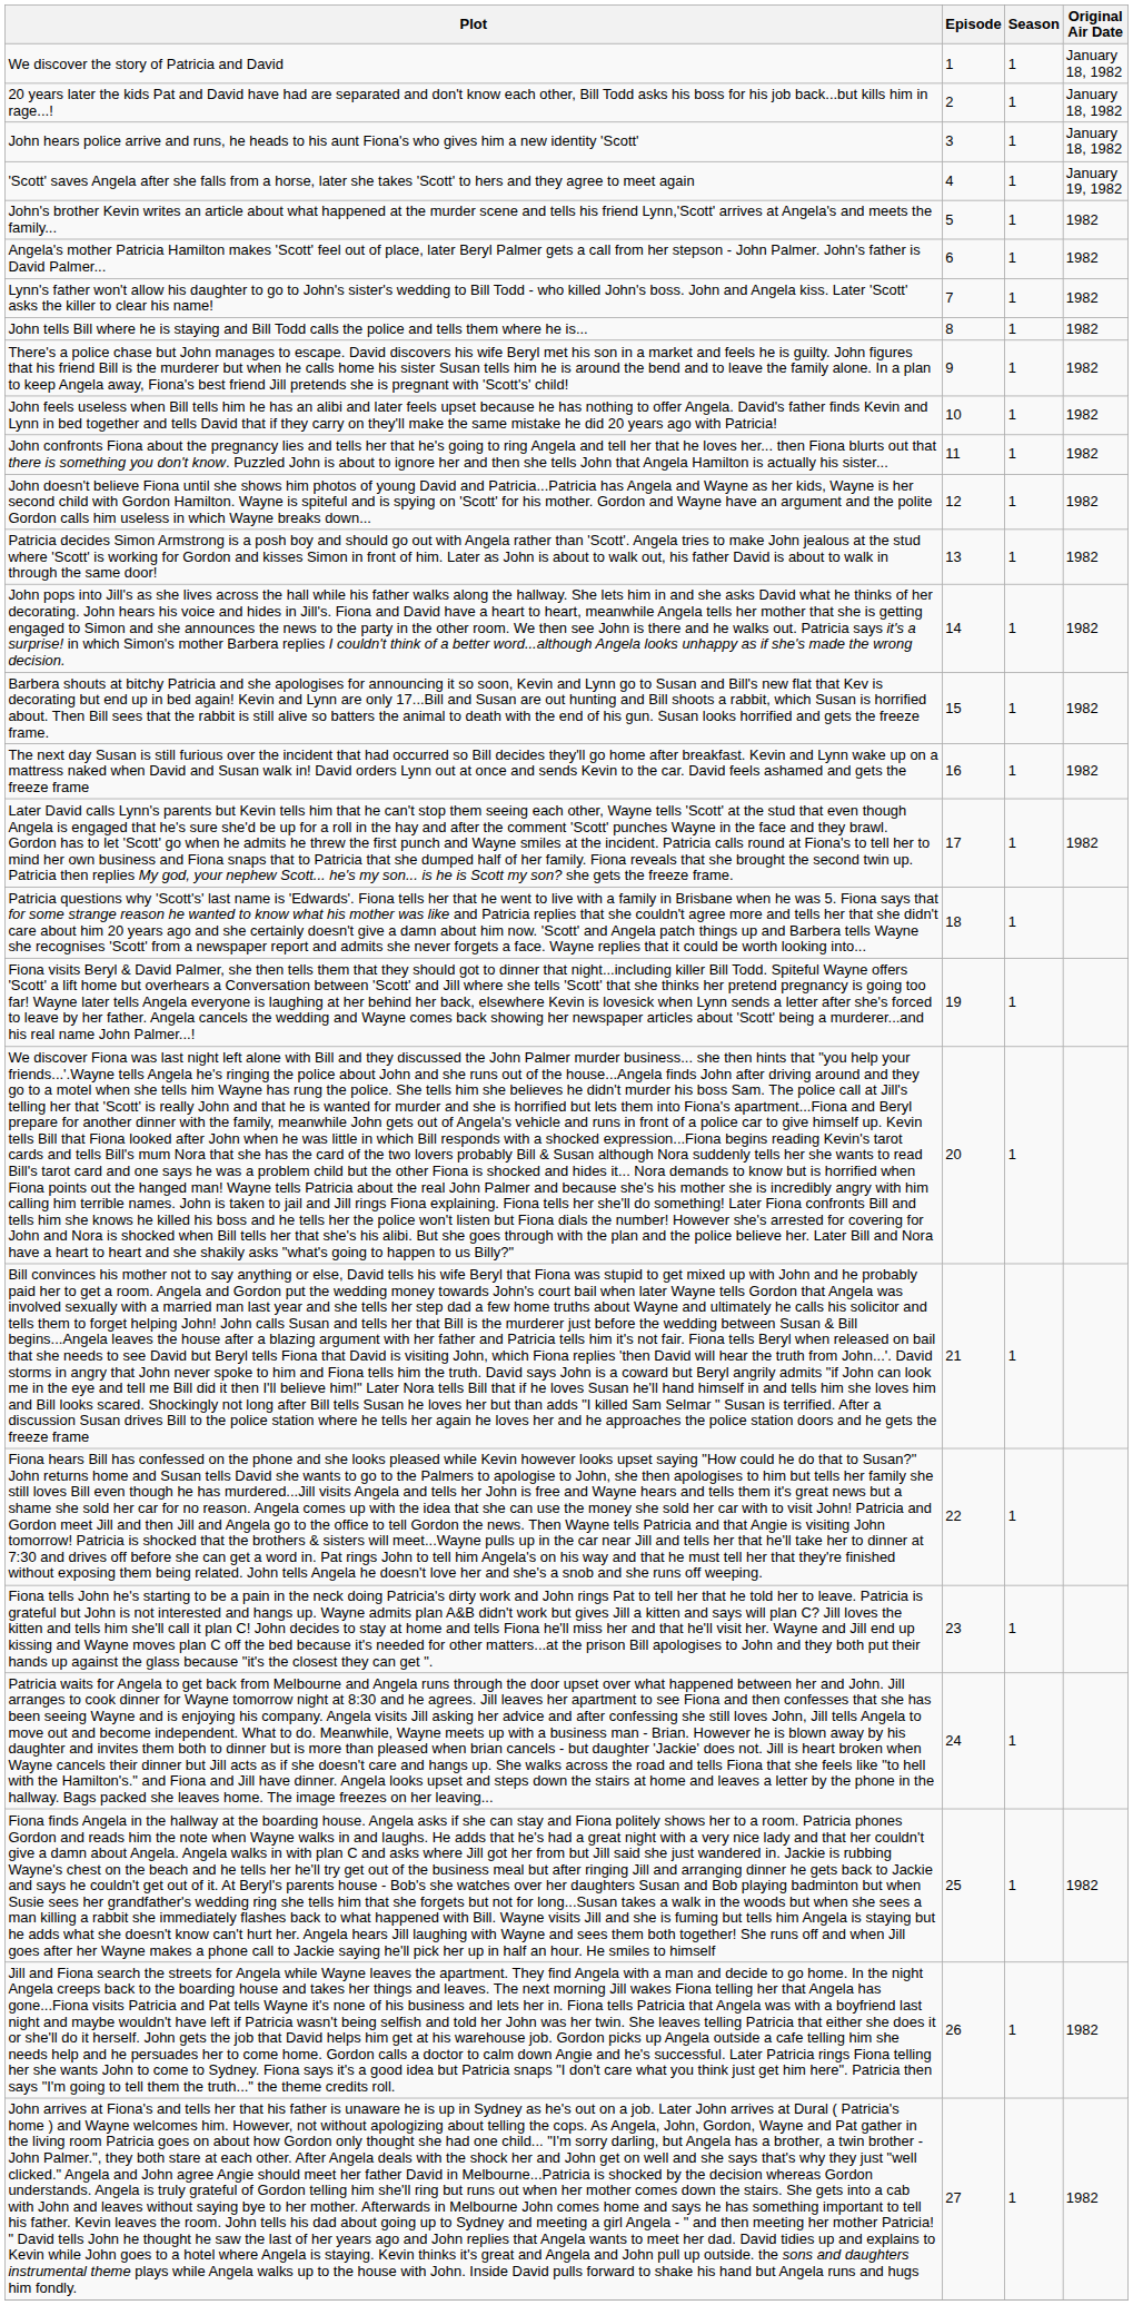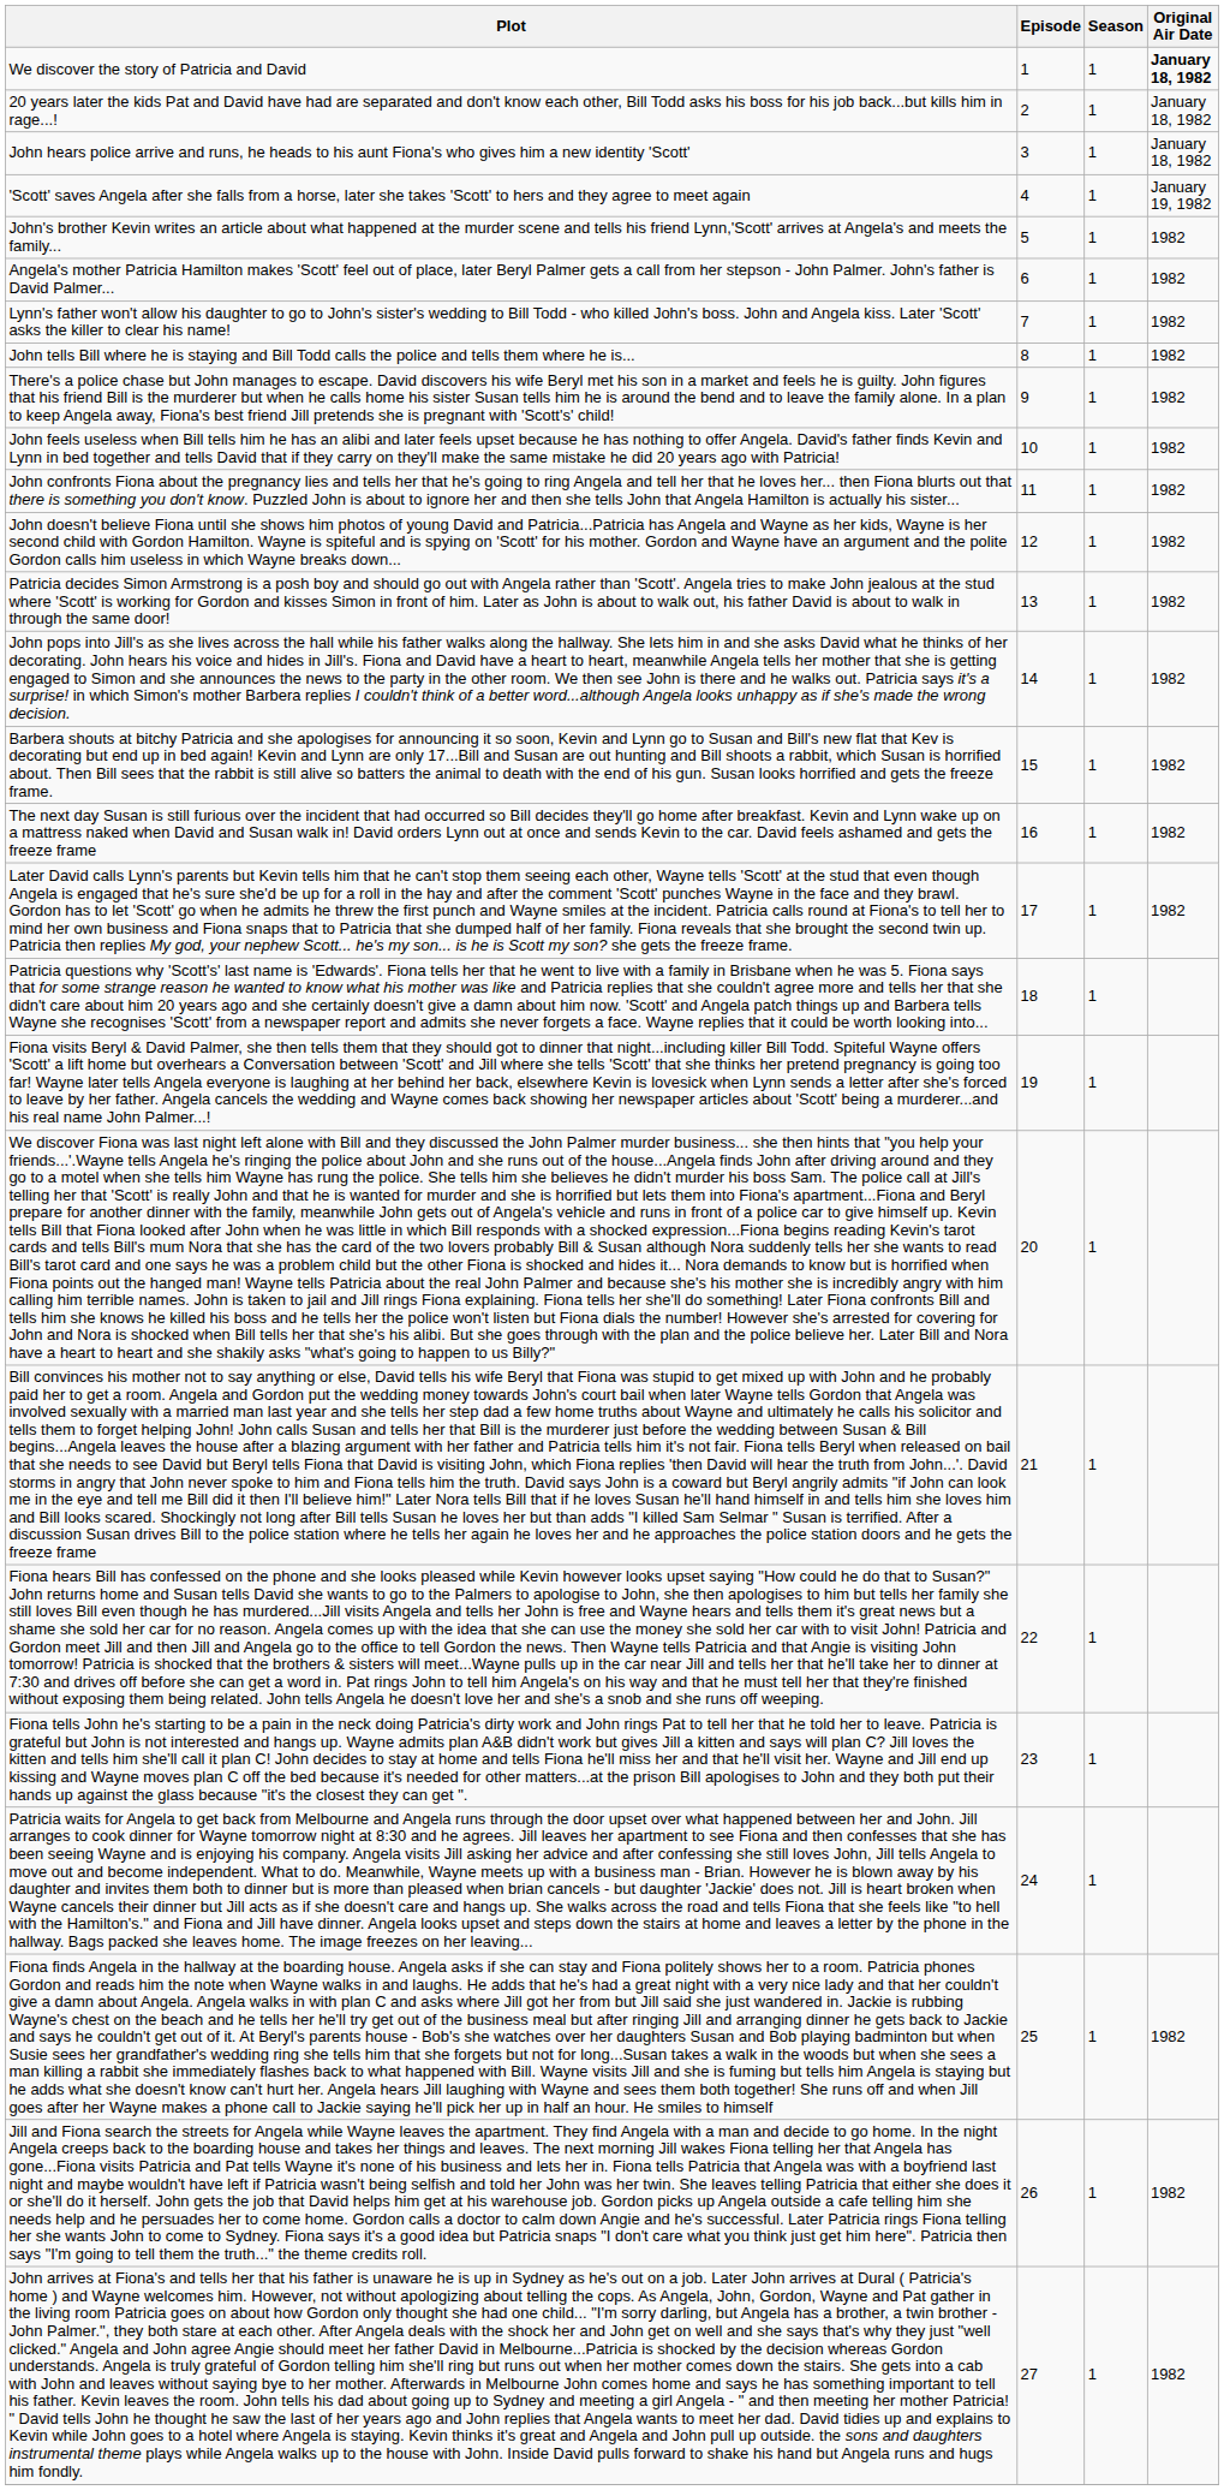 <table class="wikitable">
 <tr>
 <th>Plot</th>
 <th>Episode</th>
 <th>Season</th>
 <th>Original Air Date</th>
 </tr>
 <tr>
 <td>We discover the story of Patricia and David</td>
 <td>1</td>
 <td>1</td>
-<td>January 18, 1982</td>
+<td><strong>January 18, 1982</strong></td>
 </tr>
 <tr>
 <td>20 years later the kids Pat and David have had are separated and don't know each other, Bill Todd asks his boss for his job back...but kills him in rage...!</td>
 <td>2</td>
 <td>1</td>
 <td>January 18, 1982</td>
 </tr>
 <tr>
 <td>John hears police arrive and runs, he heads to his aunt Fiona's who gives him a new identity 'Scott'</td>
 <td>3</td>
 <td>1</td>
 <td>January 18, 1982</td>
 </tr>
 <tr>
 <td>'Scott' saves Angela after she falls from a horse, later she takes 'Scott' to hers and they agree to meet again</td>
 <td>4</td>
 <td>1</td>
 <td>January 19, 1982</td>
 </tr>
 <tr>
 <td>John's brother Kevin writes an article about what happened at the murder scene and tells his friend Lynn,'Scott' arrives at Angela's and meets the family...</td>
 <td>5</td>
 <td>1</td>
 <td>1982</td>
 </tr>
 <tr>
 <td>Angela's mother Patricia Hamilton makes 'Scott' feel out of place, later Beryl Palmer gets a call from her stepson - John Palmer. John's father is David Palmer...</td>
 <td>6</td>
 <td>1</td>
 <td>1982</td>
 </tr>
 <tr>
 <td>Lynn's father won't allow his daughter to go to John's sister's wedding to Bill Todd - who killed John's boss. John and Angela kiss. Later 'Scott' asks the killer to clear his name!</td>
 <td>7</td>
 <td>1</td>
 <td>1982</td>
 </tr>
 <tr>
 <td>John tells Bill where he is staying and Bill Todd calls the police and tells them where he is...</td>
 <td>8</td>
 <td>1</td>
 <td>1982</td>
 </tr>
 <tr>
 <td>There's a police chase but John manages to escape. David discovers his wife Beryl met his son in a market and feels he is guilty. John figures that his friend Bill is the murderer but when he calls home his sister Susan tells him he is around the bend and to leave the family alone. In a plan to keep Angela away, Fiona's best friend Jill pretends she is pregnant with 'Scott's' child!</td>
 <td>9</td>
 <td>1</td>
 <td>1982</td>
 </tr>
 <tr>
 <td>John feels useless when Bill tells him he has an alibi and later feels upset because he has nothing to offer Angela. David's father finds Kevin and Lynn in bed together and tells David that if they carry on they'll make the same mistake he did 20 years ago with Patricia!</td>
 <td>10</td>
 <td>1</td>
 <td>1982</td>
 </tr>
 <tr>
 <td>John confronts Fiona about the pregnancy lies and tells her that he's going to ring Angela and tell her that he loves her... then Fiona blurts out that <em>there is something you don't know</em>. Puzzled John is about to ignore her and then she tells John that Angela Hamilton is actually his sister...</td>
 <td>11</td>
 <td>1</td>
 <td>1982</td>
 </tr>
 <tr>
 <td>John doesn't believe Fiona until she shows him photos of young David and Patricia...Patricia has Angela and Wayne as her kids, Wayne is her second child with Gordon Hamilton. Wayne is spiteful and is spying on 'Scott' for his mother. Gordon and Wayne have an argument and the polite Gordon calls him useless in which Wayne breaks down...</td>
 <td>12</td>
 <td>1</td>
 <td>1982</td>
 </tr>
 <tr>
 <td>Patricia decides Simon Armstrong is a posh boy and should go out with Angela rather than 'Scott'. Angela tries to make John jealous at the stud where 'Scott' is working for Gordon and kisses Simon in front of him. Later as John is about to walk out, his father David is about to walk in through the same door!</td>
 <td>13</td>
 <td>1</td>
 <td>1982</td>
 </tr>
 <tr>
 <td>John pops into Jill's as she lives across the hall while his father walks along the hallway. She lets him in and she asks David what he thinks of her decorating. John hears his voice and hides in Jill's. Fiona and David have a heart to heart, meanwhile Angela tells her mother that she is getting engaged to Simon and she announces the news to the party in the other room. We then see John is there and he walks out. Patricia says <em>it's a surprise!</em> in which Simon's mother Barbera replies <em>I couldn't think of a better word...although Angela looks unhappy as if she's made the wrong decision. </em></td>
 <td>14</td>
 <td>1</td>
 <td>1982</td>
 </tr>
 <tr>
 <td>Barbera shouts at bitchy Patricia and she apologises for announcing it so soon, Kevin and Lynn go to Susan and Bill's new flat that Kev is decorating but end up in bed again! Kevin and Lynn are only 17...Bill and Susan are out hunting and Bill shoots a rabbit, which Susan is horrified about. Then Bill sees that the rabbit is still alive so batters the animal to death with the end of his gun. Susan looks horrified and gets the freeze frame.</td>
 <td>15</td>
 <td>1</td>
 <td>1982</td>
 </tr>
 <tr>
 <td>The next day Susan is still furious over the incident that had occurred so Bill decides they'll go home after breakfast. Kevin and Lynn wake up on a mattress naked when David and Susan walk in! David orders Lynn out at once and sends Kevin to the car. David feels ashamed and gets the freeze frame</td>
 <td>16</td>
 <td>1</td>
 <td>1982</td>
 </tr>
 <tr>
 <td>Later David calls Lynn's parents but Kevin tells him that he can't stop them seeing each other, Wayne tells 'Scott' at the stud that even though Angela is engaged that he's sure she'd be up for a roll in the hay and after the comment 'Scott' punches Wayne in the face and they brawl. Gordon has to let 'Scott' go when he admits he threw the first punch and Wayne smiles at the incident. Patricia calls round at Fiona's to tell her to mind her own business and Fiona snaps that to Patricia that she dumped half of her family. Fiona reveals that she brought the second twin up. Patricia then replies <em>My god, your nephew Scott... he's my son... is he is Scott my son?</em> she gets the freeze frame.</td>
 <td>17</td>
 <td>1</td>
 <td>1982</td>
 </tr>
 <tr>
 <td>Patricia questions why 'Scott's' last name is 'Edwards'. Fiona tells her that he went to live with a family in Brisbane when he was 5. Fiona says that <em>for some strange reason he wanted to know what his mother was like</em> and Patricia replies that she couldn't agree more and tells her that she didn't care about him 20 years ago and she certainly doesn't give a damn about him now. 'Scott' and Angela patch things up and Barbera tells Wayne she recognises 'Scott' from a newspaper report and admits she never forgets a face. Wayne replies that it could be worth looking into...</td>
 <td>18</td>
 <td>1</td>
 </tr>
 <tr>
 <td>Fiona visits Beryl & David Palmer, she then tells them that they should got to dinner that night...including killer Bill Todd. Spiteful Wayne offers 'Scott' a lift home but overhears a Conversation between 'Scott' and Jill where she tells 'Scott' that she thinks her pretend pregnancy is going too far! Wayne later tells Angela everyone is laughing at her behind her back, elsewhere Kevin is lovesick when Lynn sends a letter after she's forced to leave by her father. Angela cancels the wedding and Wayne comes back showing her newspaper articles about 'Scott' being a murderer...and his real name John Palmer...!</td>
 <td>19</td>
 <td>1</td>
 <td></td>
 </tr>
 <tr>
 <td>We discover Fiona was last night left alone with Bill and they discussed the John Palmer murder business... she then hints that "you help your friends...'.Wayne tells Angela he's ringing the police about John and she runs out of the house...Angela finds John after driving around and they go to a motel when she tells him Wayne has rung the police. She tells him she believes he didn't murder his boss Sam. The police call at Jill's telling her that 'Scott' is really John and that he is wanted for murder and she is horrified but lets them into Fiona's apartment...Fiona and Beryl prepare for another dinner with the family, meanwhile John gets out of Angela's vehicle and runs in front of a police car to give himself up. Kevin tells Bill that Fiona looked after John when he was little in which Bill responds with a shocked expression...Fiona begins reading Kevin's tarot cards and tells Bill's mum Nora that she has the card of the two lovers probably Bill & Susan although Nora suddenly tells her she wants to read Bill's tarot card and one says he was a problem child but the other Fiona is shocked and hides it... Nora demands to know but is horrified when Fiona points out the hanged man! Wayne tells Patricia about the real John Palmer and because she's his mother she is incredibly angry with him calling him terrible names. John is taken to jail and Jill rings Fiona explaining. Fiona tells her she'll do something! Later Fiona confronts Bill and tells him she knows he killed his boss and he tells her the police won't listen but Fiona dials the number! However she's arrested for covering for John and Nora is shocked when Bill tells her that she's his alibi. But she goes through with the plan and the police believe her. Later Bill and Nora have a heart to heart and she shakily asks "what's going to happen to us Billy?"</td>
 <td>20</td>
 <td>1</td>
 <td></td>
 </tr>
 <tr>
 <td>Bill convinces his mother not to say anything or else, David tells his wife Beryl that Fiona was stupid to get mixed up with John and he probably paid her to get a room. Angela and Gordon put the wedding money towards John's court bail when later Wayne tells Gordon that Angela was involved sexually with a married man last year and she tells her step dad a few home truths about Wayne and ultimately he calls his solicitor and tells them to forget helping John! John calls Susan and tells her that Bill is the murderer just before the wedding between Susan & Bill begins...Angela leaves the house after a blazing argument with her father and Patricia tells him it's not fair. Fiona tells Beryl when released on bail that she needs to see David but Beryl tells Fiona that David is visiting John, which Fiona replies 'then David will hear the truth from John...'. David storms in angry that John never spoke to him and Fiona tells him the truth. David says John is a coward but Beryl angrily admits "if John can look me in the eye and tell me Bill did it then I'll believe him!" Later Nora tells Bill that if he loves Susan he'll hand himself in and tells him she loves him and Bill looks scared. Shockingly not long after Bill tells Susan he loves her but than adds "I killed Sam Selmar " Susan is terrified. After a discussion Susan drives Bill to the police station where he tells her again he loves her and he approaches the police station doors and he gets the freeze frame</td>
 <td>21</td>
 <td>1</td>
 <td></td>
 </tr>
 <tr>
 <td>Fiona hears Bill has confessed on the phone and she looks pleased while Kevin however looks upset saying "How could he do that to Susan?" John returns home and Susan tells David she wants to go to the Palmers to apologise to John, she then apologises to him but tells her family she still loves Bill even though he has murdered...Jill visits Angela and tells her John is free and Wayne hears and tells them it's great news but a shame she sold her car for no reason. Angela comes up with the idea that she can use the money she sold her car with to visit John! Patricia and Gordon meet Jill and then Jill and Angela go to the office to tell Gordon the news. Then Wayne tells Patricia and that Angie is visiting John tomorrow! Patricia is shocked that the brothers & sisters will meet...Wayne pulls up in the car near Jill and tells her that he'll take her to dinner at 7:30 and drives off before she can get a word in. Pat rings John to tell him Angela's on his way and that he must tell her that they're finished without exposing them being related. John tells Angela he doesn't love her and she's a snob and she runs off weeping.</td>
 <td>22</td>
 <td>1</td>
 <td></td>
 </tr>
 <tr>
 <td>Fiona tells John he's starting to be a pain in the neck doing Patricia's dirty work and John rings Pat to tell her that he told her to leave. Patricia is grateful but John is not interested and hangs up. Wayne admits plan A&B didn't work but gives Jill a kitten and says will plan C? Jill loves the kitten and tells him she'll call it plan C! John decides to stay at home and tells Fiona he'll miss her and that he'll visit her. Wayne and Jill end up kissing and Wayne moves plan C off the bed because it's needed for other matters...at the prison Bill apologises to John and they both put their hands up against the glass because "it's the closest they can get ".</td>
 <td>23</td>
 <td>1</td>
 <td></td>
 </tr>
 <tr>
 <td>Patricia waits for Angela to get back from Melbourne and Angela runs through the door upset over what happened between her and John. Jill arranges to cook dinner for Wayne tomorrow night at 8:30 and he agrees. Jill leaves her apartment to see Fiona and then confesses that she has been seeing Wayne and is enjoying his company. Angela visits Jill asking her advice and after confessing she still loves John, Jill tells Angela to move out and become independent. What to do. Meanwhile, Wayne meets up with a business man - Brian. However he is blown away by his daughter and invites them both to dinner but is more than pleased when brian cancels - but daughter 'Jackie' does not. Jill is heart broken when Wayne cancels their dinner but Jill acts as if she doesn't care and hangs up. She walks across the road and tells Fiona that she feels like "to hell with the Hamilton's." and Fiona and Jill have dinner. Angela looks upset and steps down the stairs at home and leaves a letter by the phone in the hallway. Bags packed she leaves home. The image freezes on her leaving...</td>
 <td>24</td>
 <td>1</td>
 <td></td>
 </tr>
 <tr>
 <td>Fiona finds Angela in the hallway at the boarding house. Angela asks if she can stay and Fiona politely shows her to a room. Patricia phones Gordon and reads him the note when Wayne walks in and laughs. He adds that he's had a great night with a very nice lady and that her couldn't give a damn about Angela. Angela walks in with plan C and asks where Jill got her from but Jill said she just wandered in. Jackie is rubbing Wayne's chest on the beach and he tells her he'll try get out of the business meal but after ringing Jill and arranging dinner he gets back to Jackie and says he couldn't get out of it. At Beryl's parents house - Bob's she watches over her daughters Susan and Bob playing badminton but when Susie sees her grandfather's wedding ring she tells him that she forgets but not for long...Susan takes a walk in the woods but when she sees a man killing a rabbit she immediately flashes back to what happened with Bill. Wayne visits Jill and she is fuming but tells him Angela is staying but he adds what she doesn't know can't hurt her. Angela hears Jill laughing with Wayne and sees them both together! She runs off and when Jill goes after her Wayne makes a phone call to Jackie saying he'll pick her up in half an hour. He smiles to himself</td>
 <td>25</td>
 <td>1</td>
 <td>1982</td>
 </tr>
 <tr>
 <td>Jill and Fiona search the streets for Angela while Wayne leaves the apartment. They find Angela with a man and decide to go home. In the night Angela creeps back to the boarding house and takes her things and leaves. The next morning Jill wakes Fiona telling her that Angela has gone...Fiona visits Patricia and Pat tells Wayne it's none of his business and lets her in. Fiona tells Patricia that Angela was with a boyfriend last night and maybe wouldn't have left if Patricia wasn't being selfish and told her John was her twin. She leaves telling Patricia that either she does it or she'll do it herself. John gets the job that David helps him get at his warehouse job. Gordon picks up Angela outside a cafe telling him she needs help and he persuades her to come home. Gordon calls a  doctor to calm down Angie and he's successful. Later Patricia rings Fiona telling her she wants John to come to Sydney. Fiona says it's a good idea but Patricia snaps "I don't care what you think just get him here". Patricia then says "I'm going to tell them the truth..." the theme credits roll.</td>
 <td>26</td>
 <td>1</td>
 <td>1982</td>
 </tr>
 <tr>
 <td>John arrives at Fiona's and tells her that his father is unaware he is up in Sydney as he's out on a job. Later John arrives at Dural ( Patricia's home ) and Wayne welcomes him. However, not without apologizing about telling the cops. As Angela, John, Gordon, Wayne and Pat gather in the living room Patricia goes on about how Gordon only thought she had one child... "I'm sorry darling, but Angela has a brother, a twin brother - John Palmer.", they both stare at each other. After Angela deals with the shock her and John get on well and she says that's why they just "well clicked." Angela and John agree Angie should meet her father David in Melbourne...Patricia is shocked by the decision whereas Gordon understands. Angela is truly grateful of Gordon telling him she'll ring but runs out when her mother comes down the stairs. She gets into a cab with John and leaves without saying bye to her mother. Afterwards in Melbourne John comes home and says he has something important to tell his father. Kevin leaves the room. John tells his dad about going up to Sydney and meeting a girl Angela - " and then meeting her mother Patricia! " David tells John he thought he saw the last of her years ago and John replies that Angela wants to meet her dad. David tidies up and explains to Kevin while John goes to a hotel where Angela is staying. Kevin thinks it's great and Angela and John pull up outside. the <em>sons and daughters instrumental theme</em> plays while Angela walks up to the house with John. Inside David pulls forward to shake his hand but Angela runs and hugs him fondly.</td>
 <td>27</td>
 <td>1</td>
 <td>1982</td>
 </tr>
 <tr>
 </tr>
 </table>
